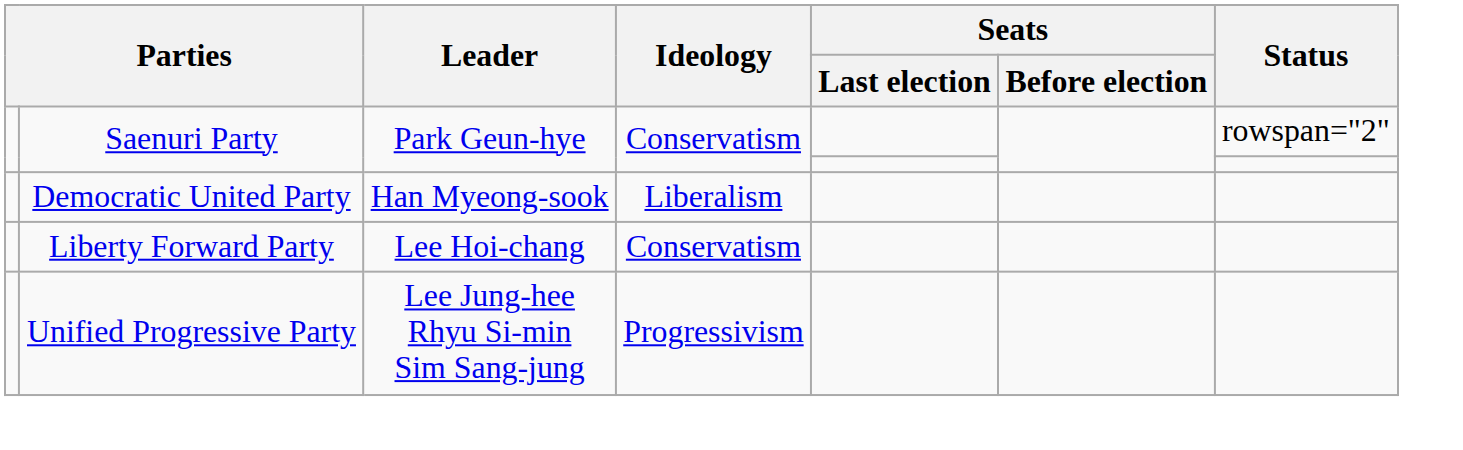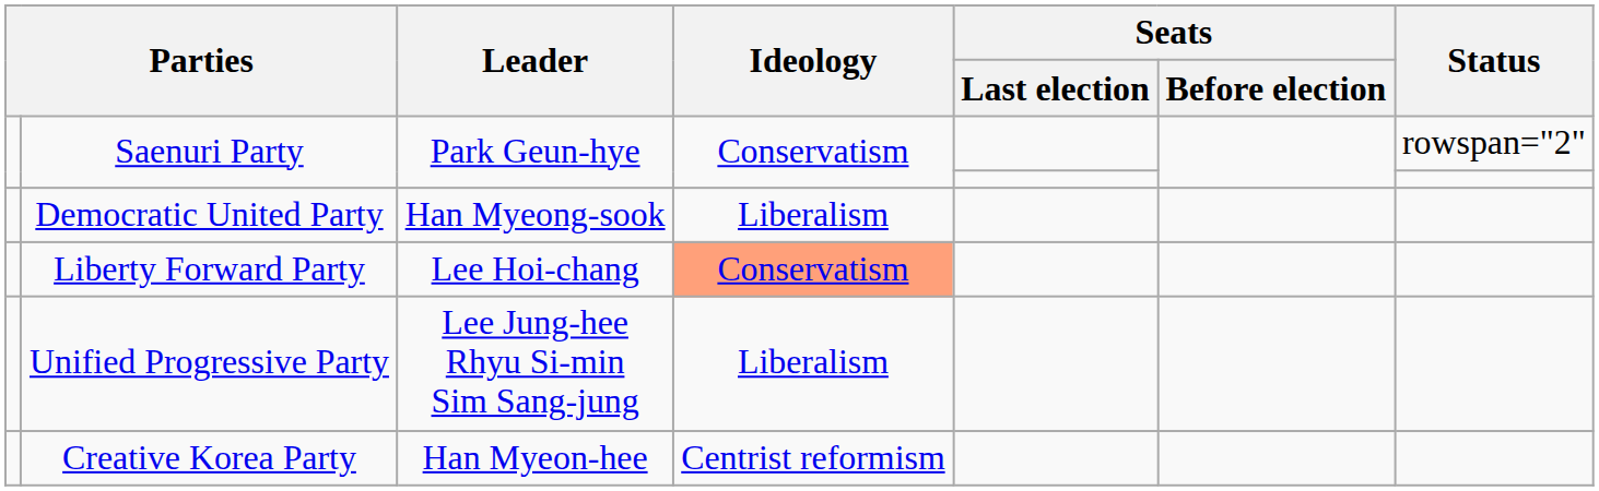 <table class="wikitable" style="text-align:center">
 <tr>
 <th colspan="2" rowspan="2">Parties</th>
 <th rowspan="2">Leader</th>
 <th rowspan="2">Ideology</th>
 <th colspan="2">Seats</th>
 <th rowspan="2">Status</th>
 </tr>
 <tr>
 <th>Last election</th>
 <th>Before election</th>
 </tr>
 <tr>
 <td rowspan="2" style="background:"></td>
 <td rowspan="2"><a href='#'>Saenuri Party</a></td>
 <td rowspan="2"><a href='#'>Park Geun-hye</a></td>
 <td rowspan="2"><a href='#'>Conservatism</a></td>
 <td></td>
 <td rowspan="2"></td>
 <td>rowspan="2" </td>
 </tr>
 <tr>
 <td></td>
 </tr>
 <tr>
 <td style="background:"></td>
 <td><a href='#'>Democratic United Party</a></td>
 <td><a href='#'>Han Myeong-sook</a></td>
 <td><a href='#'>Liberalism</a></td>
 <td></td>
 <td></td>
 <td></td>
 </tr>
 <tr>
 <td style="background:"></td>
 <td><a href='#'>Liberty Forward Party</a></td>
 <td><a href='#'>Lee Hoi-chang</a></td>
-<td><a href='#'>Conservatism</a></td>
+<td style="background: lightsalmon;"><a href='#'>Conservatism</a></td>
 <td></td>
 <td></td>
 <td></td>
 </tr>
 <tr>
 <td style="background:"></td>
 <td><a href='#'>Unified Progressive Party</a></td>
 <td><a href='#'>Lee Jung-hee</a><br><a href='#'>Rhyu Si-min</a><br><a href='#'>Sim Sang-jung</a></td>
-<td><a href='#'>Progressivism</a></td>
+<td><a href='#'>Liberalism</a></td>
+<td></td>
+<td></td>
+<td></td>
+</tr>
+<tr>
+<td style="background:"></td>
+<td><a href='#'>Creative Korea Party</a></td>
+<td><a href='#'>Han Myeon-hee</a></td>
+<td><a href='#'>Centrist reformism</a></td>
 <td></td>
 <td></td>
 <td></td>
 </tr>
 </table>
